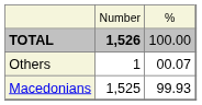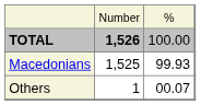 <table border=1 cellpadding=4 cellspacing=0 class="toccolours" style="align: left; margin: 0.5em 0 0 0; border-style: solid; border: 1px solid #7f7f7f; border-right-width: 2px; border-bottom-width: 2px; border-collapse: collapse; font-size: 95%;">
 <tr>
 <td style="background:#F5F5DC;"></td>
 <td style="background:#F5F5DC;" align="center"><small>Number</small></td>
 <td style="background:#F5F5DC;" align="center"><small>%</small></td>
 </tr>
 <tr>
 <td style="background:#c1c1c1;"><strong>TOTAL</strong></td>
 <td style="background:#c1c1c1;" align="right"><strong>1,526</strong></td>
 <td style="background:#c1c1c1;" align="right">100.00</td>
 </tr>
 <tr>
+<td style="background:#F5F5DC;"><a href='#'>Macedonians</a></td>
+<td align="right">1,525</td>
+<td align="right">99.93</td>
+</tr>
+<tr>
 <td style="background:#F5F5DC;">Others</td>
 <td align="right">1</td>
 <td align="right">00.07</td>
 </tr>
-<tr>
-<td style="background:#F5F5DC;"><a href='#'>Macedonians</a></td>
-<td align="right">1,525</td>
-<td align="right">99.93</td>
-</tr>
 </table>
